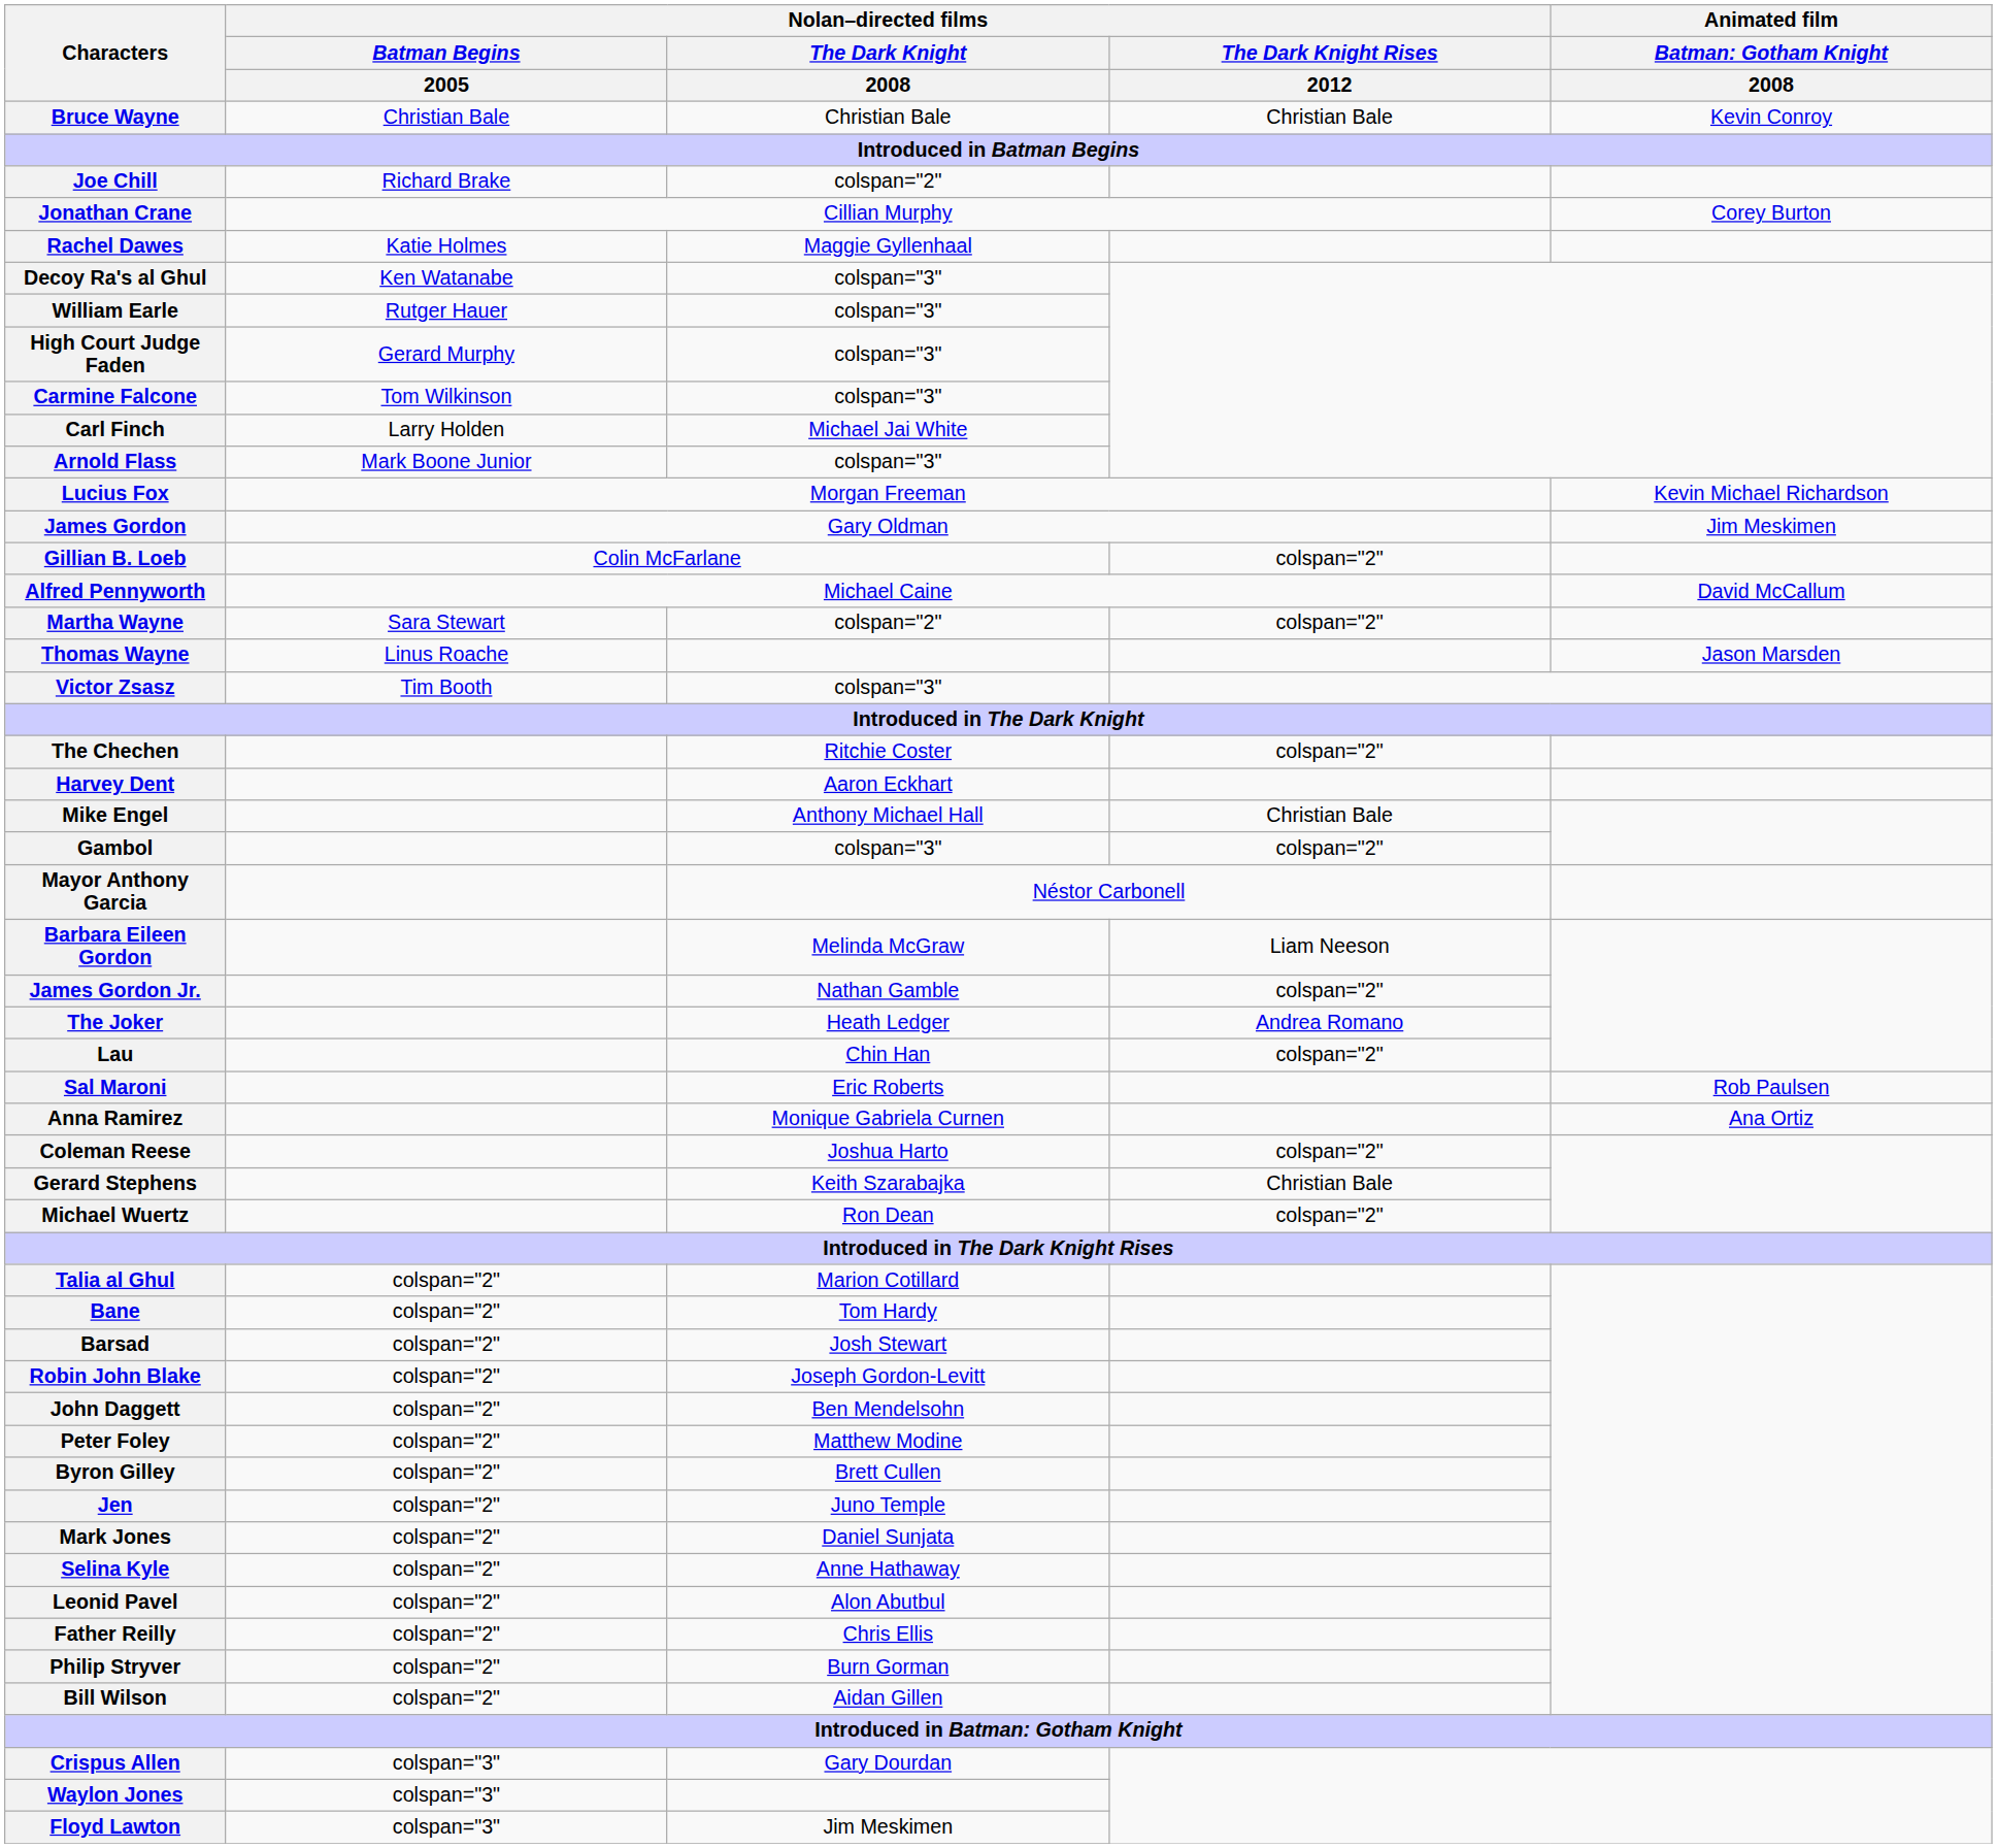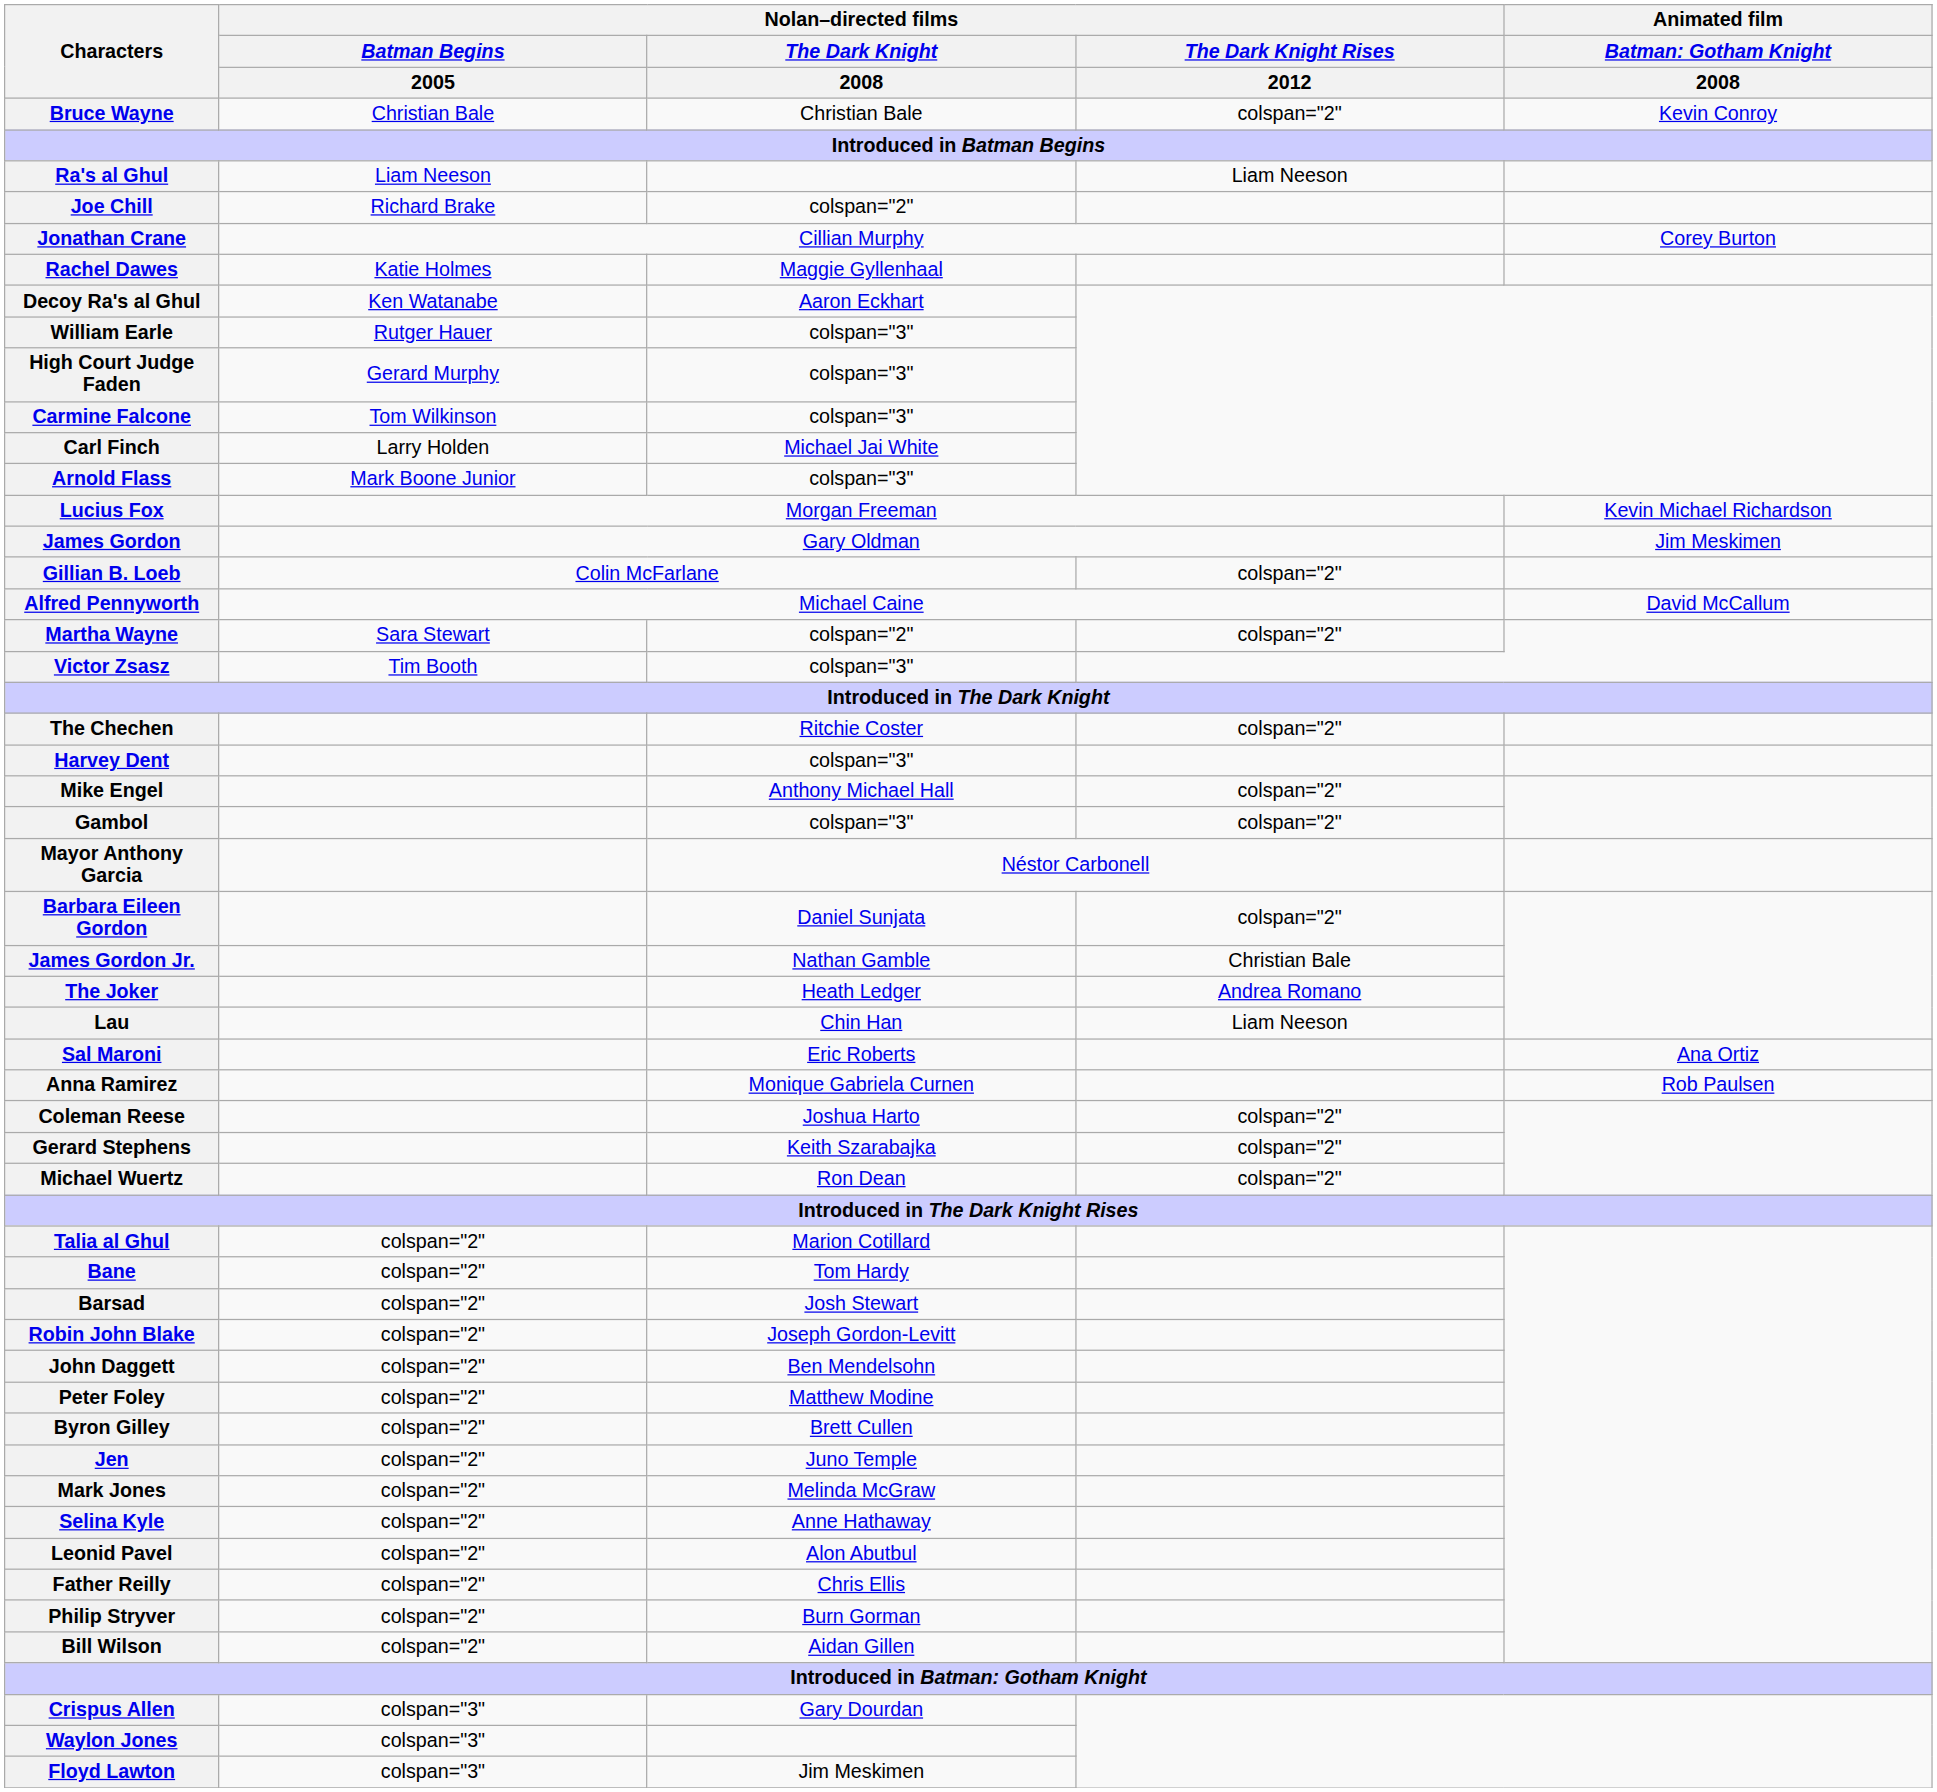 <table class="wikitable" style="text-align:center; width:99%">
 <tr>
 <th rowspan="3" width="9%">Characters</th>
 <th colspan="3" style="text-align:center;">Nolan–directed films</th>
 <th colspan="1" style="text-align:center;">Animated film</th>
 </tr>
 <tr>
 <th style="text-align:center; width:18%;"><em><a href='#'>Batman Begins</a></em></th>
 <th style="text-align:center; width:18%;"><em><a href='#'>The Dark Knight</a></em></th>
 <th style="text-align:center; width:18%;"><em><a href='#'>The Dark Knight Rises</a></em></th>
 <th style="text-align:center; width:18%;"><em><a href='#'>Batman: Gotham Knight</a></em></th>
 </tr>
 <tr>
 <th>2005</th>
 <th>2008</th>
 <th>2012</th>
 <th>2008</th>
 </tr>
 <tr>
 <th><a href='#'>Bruce Wayne<br></a></th>
 <td><a href='#'>Christian Bale</a><br></td>
 <td>Christian Bale</td>
-<td>Christian Bale<br></td>
+<td>colspan="2" </td>
 <td><a href='#'>Kevin Conroy</a><br></td>
 </tr>
 <tr>
 <th colspan="5" style="background:#ccf;">Introduced in <em>Batman Begins</em></th>
+</tr>
+<tr>
+<th><a href='#'>Ra's al Ghul</a></th>
+<td><a href='#'>Liam Neeson</a></td>
+<td></td>
+<td>Liam Neeson<br></td>
+<td></td>
 </tr>
 <tr>
 <th><a href='#'>Joe Chill</a></th>
 <td><a href='#'>Richard Brake</a></td>
 <td>colspan="2" </td>
 <td></td>
 </tr>
 <tr>
 <th><a href='#'>Jonathan Crane<br></a></th>
 <td colspan="3"><a href='#'>Cillian Murphy</a></td>
 <td><a href='#'>Corey Burton</a></td>
 </tr>
 <tr>
 <th><a href='#'>Rachel Dawes</a></th>
 <td><a href='#'>Katie Holmes</a><br></td>
 <td><a href='#'>Maggie Gyllenhaal</a></td>
 <td></td>
 <td></td>
 </tr>
 <tr>
 <th>Decoy Ra's al Ghul</th>
 <td><a href='#'>Ken Watanabe</a></td>
-<td>colspan="3" </td>
+<td><a href='#'>Aaron Eckhart</a></td>
 </tr>
 <tr>
 <th>William Earle</th>
 <td><a href='#'>Rutger Hauer</a></td>
 <td>colspan="3" </td>
 </tr>
 <tr>
 <th>High Court Judge Faden</th>
 <td><a href='#'>Gerard Murphy</a></td>
 <td>colspan="3" </td>
 </tr>
 <tr>
 <th><a href='#'>Carmine Falcone</a></th>
 <td><a href='#'>Tom Wilkinson</a></td>
 <td>colspan="3" </td>
 </tr>
 <tr>
 <th>Carl Finch</th>
 <td>Larry Holden</td>
 <td><a href='#'>Michael Jai White</a></td>
 </tr>
 <tr>
 <th><a href='#'>Arnold Flass</a></th>
 <td><a href='#'>Mark Boone Junior</a></td>
 <td>colspan="3" </td>
 </tr>
 <tr>
 <th><a href='#'>Lucius Fox</a></th>
 <td colspan="3"><a href='#'>Morgan Freeman</a></td>
 <td><a href='#'>Kevin Michael Richardson</a></td>
 </tr>
 <tr>
 <th><a href='#'>James Gordon</a></th>
 <td colspan="3"><a href='#'>Gary Oldman</a></td>
 <td><a href='#'>Jim Meskimen</a></td>
 </tr>
 <tr>
 <th><a href='#'>Gillian B. Loeb</a></th>
 <td colspan="2"><a href='#'>Colin McFarlane</a></td>
 <td>colspan="2" </td>
 </tr>
 <tr>
 <th><a href='#'>Alfred Pennyworth</a></th>
 <td colspan="3"><a href='#'>Michael Caine</a></td>
 <td><a href='#'>David McCallum</a></td>
 </tr>
 <tr>
 <th><a href='#'>Martha Wayne</a></th>
 <td><a href='#'>Sara Stewart</a></td>
 <td>colspan="2" </td>
 <td>colspan="2" </td>
 </tr>
 <tr>
-<th><a href='#'>Thomas Wayne</a></th>
-<td><a href='#'>Linus Roache</a></td>
-<td></td>
-<td></td>
-<td><a href='#'>Jason Marsden</a></td>
-</tr>
-<tr>
 <th><a href='#'>Victor Zsasz</a></th>
 <td><a href='#'>Tim Booth</a></td>
 <td>colspan="3" </td>
 </tr>
 <tr>
 <th colspan="5" style="background:#ccf;">Introduced in <em>The Dark Knight</em></th>
 </tr>
 <tr>
 <th>The Chechen</th>
 <td></td>
 <td><a href='#'>Ritchie Coster</a></td>
 <td>colspan="2" </td>
 </tr>
 <tr>
 <th><a href='#'>Harvey Dent</a></th>
 <td></td>
-<td><a href='#'>Aaron Eckhart</a></td>
+<td>colspan="3" </td>
 <td></td>
 <td></td>
 </tr>
 <tr>
 <th>Mike Engel</th>
 <td></td>
 <td><a href='#'>Anthony Michael Hall</a></td>
-<td>Christian Bale<br></td>
+<td>colspan="2" </td>
 </tr>
 <tr>
 <th>Gambol</th>
 <td></td>
 <td>colspan="3" </td>
 <td>colspan="2" </td>
 </tr>
 <tr>
 <th>Mayor Anthony Garcia</th>
 <td></td>
 <td colspan="2"><a href='#'>Néstor Carbonell</a></td>
 <td></td>
 </tr>
 <tr>
 <th><a href='#'>Barbara Eileen Gordon</a></th>
 <td></td>
-<td><a href='#'>Melinda McGraw</a></td>
-<td>Liam Neeson<br></td>
+<td><a href='#'>Daniel Sunjata</a></td>
+<td>colspan="2" </td>
 </tr>
 <tr>
 <th><a href='#'>James Gordon Jr.</a></th>
 <td></td>
 <td><a href='#'>Nathan Gamble</a></td>
-<td>colspan="2" </td>
+<td>Christian Bale<br></td>
 </tr>
 <tr>
 <th><a href='#'>The Joker</a></th>
 <td></td>
 <td><a href='#'>Heath Ledger</a></td>
 <td><a href='#'>Andrea Romano</a></td>
 </tr>
 <tr>
 <th>Lau</th>
 <td></td>
 <td><a href='#'>Chin Han</a></td>
-<td>colspan="2" </td>
+<td>Liam Neeson<br></td>
 </tr>
 <tr>
 <th><a href='#'>Sal Maroni</a></th>
 <td></td>
 <td><a href='#'>Eric Roberts</a></td>
 <td></td>
-<td><a href='#'>Rob Paulsen</a></td>
+<td><a href='#'>Ana Ortiz</a></td>
 </tr>
 <tr>
 <th>Anna Ramirez</th>
 <td></td>
 <td><a href='#'>Monique Gabriela Curnen</a></td>
 <td></td>
-<td><a href='#'>Ana Ortiz</a></td>
+<td><a href='#'>Rob Paulsen</a></td>
 </tr>
 <tr>
 <th>Coleman Reese</th>
 <td></td>
 <td><a href='#'>Joshua Harto</a></td>
 <td>colspan="2" </td>
 </tr>
 <tr>
 <th>Gerard Stephens</th>
 <td></td>
 <td><a href='#'>Keith Szarabajka</a></td>
-<td>Christian Bale<br></td>
+<td>colspan="2" </td>
 </tr>
 <tr>
 <th>Michael Wuertz</th>
 <td></td>
 <td><a href='#'>Ron Dean</a></td>
 <td>colspan="2" </td>
 </tr>
 <tr>
 <th colspan="5" style="background:#ccf;">Introduced in <em>The Dark Knight Rises</em></th>
 </tr>
 <tr>
 <th><a href='#'>Talia al Ghul</a></th>
 <td>colspan="2" </td>
 <td><a href='#'>Marion Cotillard</a><br></td>
 <td></td>
 </tr>
 <tr>
 <th><a href='#'>Bane</a></th>
 <td>colspan="2" </td>
 <td><a href='#'>Tom Hardy</a></td>
 <td></td>
 </tr>
 <tr>
 <th>Barsad</th>
 <td>colspan="2" </td>
 <td><a href='#'>Josh Stewart</a></td>
 <td></td>
 </tr>
 <tr>
 <th><a href='#'>Robin John Blake</a></th>
 <td>colspan="2" </td>
 <td><a href='#'>Joseph Gordon-Levitt</a></td>
 <td></td>
 </tr>
 <tr>
 <th>John Daggett</th>
 <td>colspan="2" </td>
 <td><a href='#'>Ben Mendelsohn</a></td>
 <td></td>
 </tr>
 <tr>
 <th>Peter Foley</th>
 <td>colspan="2" </td>
 <td><a href='#'>Matthew Modine</a></td>
 <td></td>
 </tr>
 <tr>
 <th>Byron Gilley</th>
 <td>colspan="2" </td>
 <td><a href='#'>Brett Cullen</a></td>
 <td></td>
 </tr>
 <tr>
 <th><a href='#'>Jen</a></th>
 <td>colspan="2" </td>
 <td><a href='#'>Juno Temple</a></td>
 <td></td>
 </tr>
 <tr>
 <th>Mark Jones</th>
 <td>colspan="2" </td>
-<td><a href='#'>Daniel Sunjata</a></td>
+<td><a href='#'>Melinda McGraw</a></td>
 <td></td>
 </tr>
 <tr>
 <th><a href='#'>Selina Kyle</a></th>
 <td>colspan="2" </td>
 <td><a href='#'>Anne Hathaway</a></td>
 <td></td>
 </tr>
 <tr>
 <th>Leonid Pavel</th>
 <td>colspan="2" </td>
 <td><a href='#'>Alon Abutbul</a></td>
 <td></td>
 </tr>
 <tr>
 <th>Father Reilly</th>
 <td>colspan="2" </td>
 <td><a href='#'>Chris Ellis</a></td>
 <td></td>
 </tr>
 <tr>
 <th>Philip Stryver</th>
 <td>colspan="2" </td>
 <td><a href='#'>Burn Gorman</a></td>
 <td></td>
 </tr>
 <tr>
 <th>Bill Wilson</th>
 <td>colspan="2" </td>
 <td><a href='#'>Aidan Gillen</a></td>
 <td></td>
 </tr>
 <tr>
 <th colspan="5" style="background:#ccf;">Introduced in <em>Batman: Gotham Knight</em></th>
 </tr>
 <tr>
 <th><a href='#'>Crispus Allen</a></th>
 <td>colspan="3" </td>
 <td><a href='#'>Gary Dourdan</a></td>
 </tr>
 <tr>
 <th><a href='#'>Waylon Jones<br></a></th>
 <td>colspan="3" </td>
 <td></td>
 </tr>
 <tr>
 <th><a href='#'>Floyd Lawton<br></a></th>
 <td>colspan="3" </td>
 <td>Jim Meskimen</td>
 </tr>
 <tr>
 </tr>
 </table>
